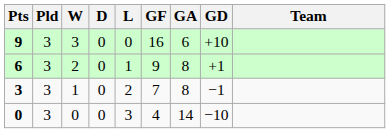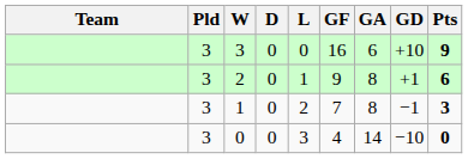 <table class="wikitable" style="text-align:center;">
 <tr>
-<th width=20>Pts</th>
+<th width=150>Team</th>
 <th width=20>Pld</th>
 <th width=20>W</th>
 <th width=20>D</th>
 <th width=20>L</th>
 <th width=20>GF</th>
 <th width=20>GA</th>
 <th width=20>GD</th>
-<th width=150>Team</th>
+<th width=20>Pts</th>
 </tr>
 <tr align=center style="background:#ccffcc;">
-<td><strong>9</strong></td>
+<td align="left"></td>
 <td>3</td>
 <td>3</td>
 <td>0</td>
 <td>0</td>
 <td>16</td>
 <td>6</td>
 <td>+10</td>
-<td align="left"></td>
+<td><strong>9</strong></td>
 </tr>
 <tr align=center style="background:#ccffcc;">
-<td><strong>6</strong></td>
+<td align="left"></td>
 <td>3</td>
 <td>2</td>
 <td>0</td>
 <td>1</td>
 <td>9</td>
 <td>8</td>
 <td>+1</td>
-<td align="left"></td>
+<td><strong>6</strong></td>
 </tr>
 <tr>
-<td><strong>3</strong></td>
+<td align="left"></td>
 <td>3</td>
 <td>1</td>
 <td>0</td>
 <td>2</td>
 <td>7</td>
 <td>8</td>
 <td>−1</td>
-<td align="left"></td>
+<td><strong>3</strong></td>
 </tr>
 <tr>
-<td><strong>0</strong></td>
+<td align="left"></td>
 <td>3</td>
 <td>0</td>
 <td>0</td>
 <td>3</td>
 <td>4</td>
 <td>14</td>
 <td>−10</td>
-<td align="left"></td>
+<td><strong>0</strong></td>
 </tr>
 </table>
